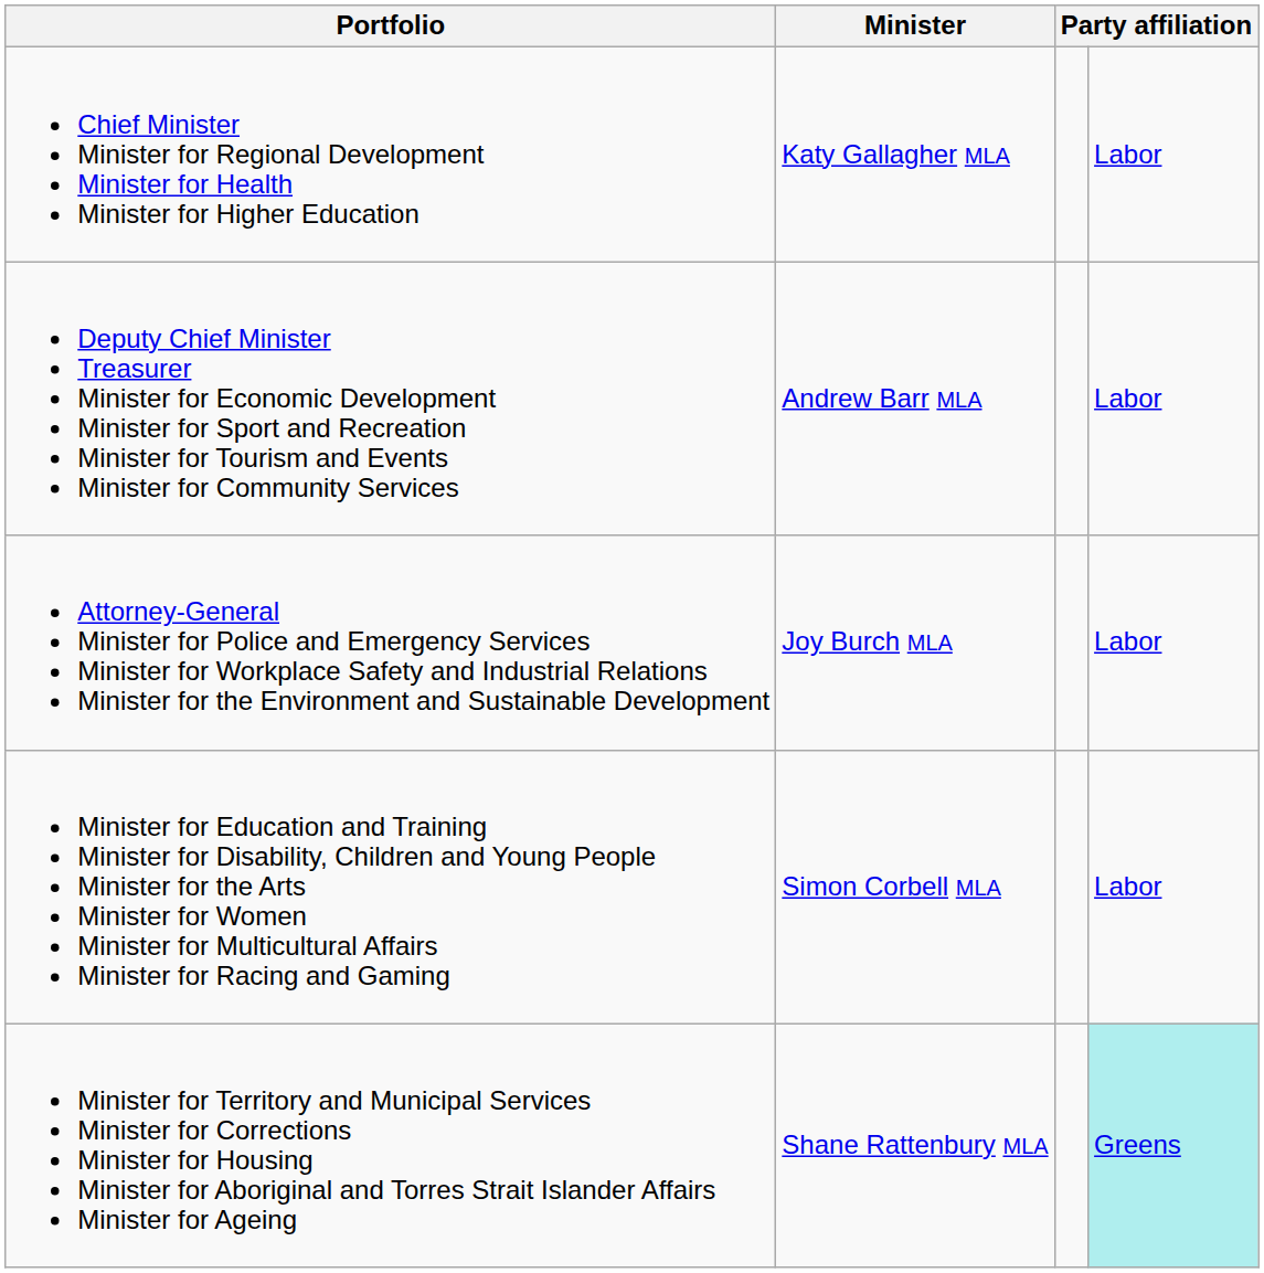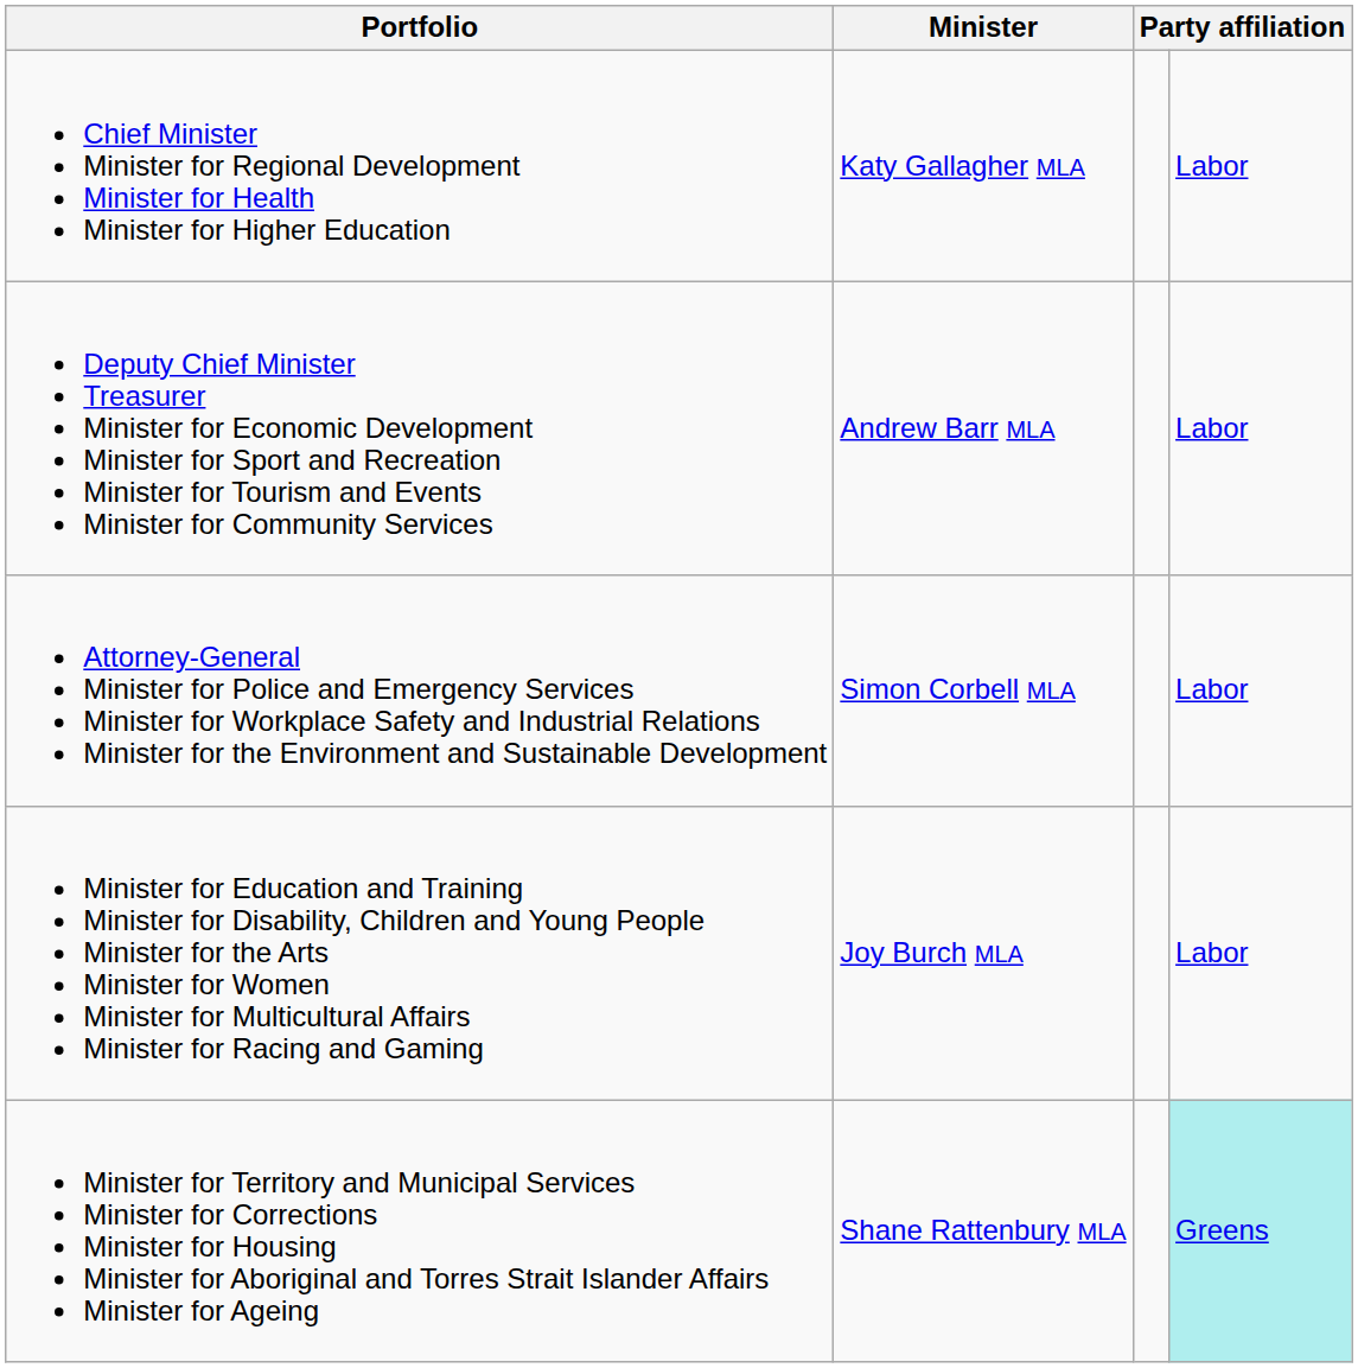 <table class="wikitable">
 <tr>
 <th>Portfolio</th>
 <th>Minister</th>
 <th colspan=2>Party affiliation</th>
 </tr>
 <tr>
 <td><br><ul><li><a href='#'>Chief Minister</a></li><li>Minister for Regional Development</li><li><a href='#'>Minister for Health</a></li><li>Minister for Higher Education</li></ul></td>
 <td><a href='#'>Katy Gallagher</a> <small><a href='#'>MLA</a></small></td>
 <td> </td>
 <td><a href='#'>Labor</a></td>
 </tr>
 <tr>
 <td><br><ul><li><a href='#'>Deputy Chief Minister</a></li><li><a href='#'>Treasurer</a></li><li>Minister for Economic Development</li><li>Minister for Sport and Recreation</li><li>Minister for Tourism and Events</li><li>Minister for Community Services</li></ul></td>
 <td><a href='#'>Andrew Barr</a> <small><a href='#'>MLA</a></small></td>
 <td> </td>
 <td><a href='#'>Labor</a></td>
 </tr>
 <tr>
 <td><br><ul><li><a href='#'>Attorney-General</a></li><li>Minister for Police and Emergency Services</li><li>Minister for Workplace Safety and Industrial Relations</li><li>Minister for the Environment and Sustainable Development</li></ul></td>
-<td><a href='#'>Joy Burch</a> <small><a href='#'>MLA</a></small></td>
+<td><a href='#'>Simon Corbell</a> <small><a href='#'>MLA</a></small></td>
 <td> </td>
 <td><a href='#'>Labor</a></td>
 </tr>
 <tr>
 <td><br><ul><li>Minister for Education and Training</li><li>Minister for Disability, Children and Young People</li><li>Minister for the Arts</li><li>Minister for Women</li><li>Minister for Multicultural Affairs</li><li>Minister for Racing and Gaming</li></ul></td>
-<td><a href='#'>Simon Corbell</a> <small><a href='#'>MLA</a></small></td>
+<td><a href='#'>Joy Burch</a> <small><a href='#'>MLA</a></small></td>
 <td> </td>
 <td><a href='#'>Labor</a></td>
 </tr>
 <tr>
 <td><br><ul><li>Minister for Territory and Municipal Services</li><li>Minister for Corrections</li><li>Minister for Housing</li><li>Minister for Aboriginal and Torres Strait Islander Affairs</li><li>Minister for Ageing</li></ul></td>
 <td><a href='#'>Shane Rattenbury</a> <small><a href='#'>MLA</a></small></td>
 <td> </td>
 <td style="background: paleturquoise;"><a href='#'>Greens</a></td>
 </tr>
 </table>
